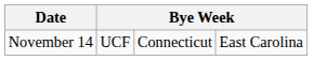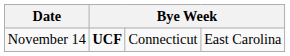 <table class="wikitable" style="font-size:95%;">
 <tr>
 <th>Date</th>
 <th colspan="3">Bye Week</th>
 </tr>
 <tr>
 <td>November 14</td>
-<td>UCF</td>
+<td><strong>UCF</strong></td>
 <td>Connecticut</td>
 <td>East Carolina</td>
 </tr>
 </table>
